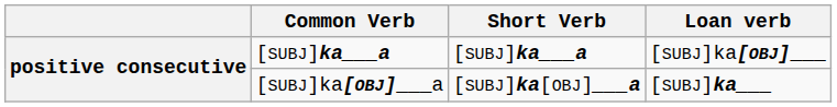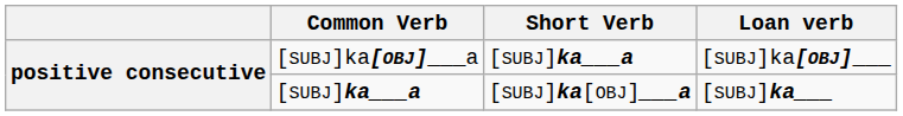 <table class="wikitable">
 <tr>
 <th></th>
 <th>Common Verb</th>
 <th>Short Verb</th>
 <th>Loan verb</th>
 </tr>
 <tr>
 <th rowspan="2">positive consecutive</th>
-<td>[<small>SUBJ</small>]<strong><em>ka<strong>___</strong>a</em></strong></td>
+<td>[<small>SUBJ</small>]</em></strong>ka<strong><em>[<small>OBJ</small>]</em>___</strong>a</em></strong></td>
 <td>[<small>SUBJ</small>]<strong><em>ka<strong>___</strong>a</em></strong></td>
 <td>[<small>SUBJ</small>]</em></strong>ka<strong><em>[<small>OBJ</small>]</em>___<em></td>
 </tr>
 <tr>
-<td>[<small>SUBJ</small>]</em></strong>ka<strong><em>[<small>OBJ</small>]</em>___</strong>a</em></strong></td>
+<td>[<small>SUBJ</small>]<strong><em>ka<strong>___</strong>a</em></strong></td>
 <td>[<small>SUBJ</small>]<strong><em>ka</em></strong>[<small>OBJ</small>]<em>___<strong>a<strong><em></td>
 <td>[<small>SUBJ</small>]<strong><em>ka<strong>___<em></td>
 </tr>
 </table>
